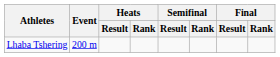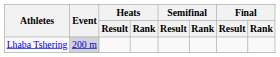 <table class=wikitable style="font-size:90%">
 <tr>
 <th rowspan=2>Athletes</th>
 <th rowspan=2>Event</th>
 <th colspan=2>Heats</th>
 <th colspan=2>Semifinal</th>
 <th colspan=2>Final</th>
 </tr>
 <tr>
 <th>Result</th>
 <th>Rank</th>
 <th>Result</th>
 <th>Rank</th>
 <th>Result</th>
 <th>Rank</th>
 </tr>
 <tr align=center>
 <td><a href='#'>Lhaba Tshering</a></td>
-<td><a href='#'>200 m</a></td>
+<td style="background: lightgrey;"><a href='#'>200 m</a></td>
 <td></td>
 <td></td>
 <td></td>
 <td></td>
 <td></td>
 <td></td>
 </tr>
 </table>
